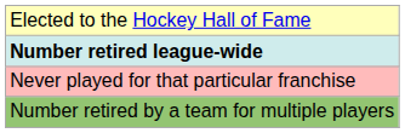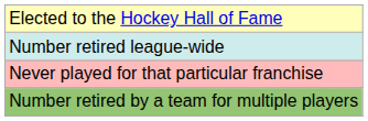 <table class="wikitable">
 <tr>
 <td style="background:#ffb;">Elected to the <a href='#'>Hockey Hall of Fame</a></td>
 </tr>
 <tr>
-<td style="background:#cfecec;"><strong>Number retired league-wide</strong></td>
+<td style="background:#cfecec;">Number retired league-wide</td>
 </tr>
 <tr>
 <td style="background:#ffbbbb;">Never played for that particular franchise</td>
 </tr>
 <tr>
 <td style="background:#93c572;">Number retired by a team for multiple players</td>
 </tr>
 </table>
